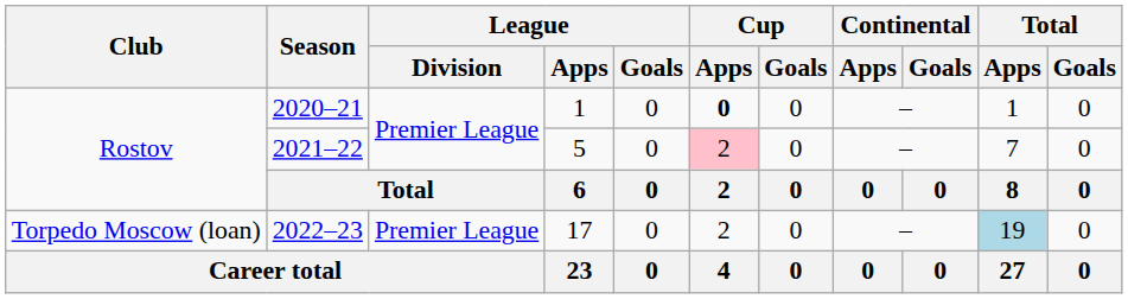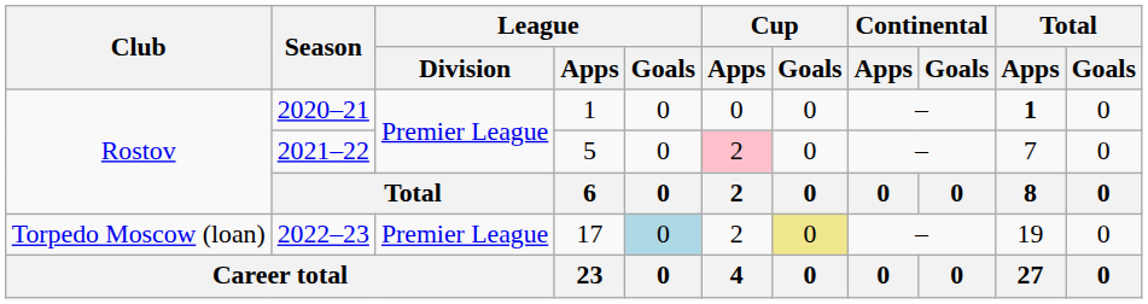 <table class="wikitable" style="text-align: center;">
 <tr>
 <th rowspan=2>Club</th>
 <th rowspan=2>Season</th>
 <th colspan=3>League</th>
 <th colspan=2>Cup</th>
 <th colspan=2>Continental</th>
 <th colspan=2>Total</th>
 </tr>
 <tr>
 <th>Division</th>
 <th>Apps</th>
 <th>Goals</th>
 <th>Apps</th>
 <th>Goals</th>
 <th>Apps</th>
 <th>Goals</th>
 <th>Apps</th>
 <th>Goals</th>
 </tr>
 <tr>
 <td rowspan="3"><a href='#'>Rostov</a></td>
 <td><a href='#'>2020–21</a></td>
 <td rowspan="2"><a href='#'>Premier League</a></td>
 <td>1</td>
 <td>0</td>
-<td><strong>0</strong></td>
+<td>0</td>
 <td>0</td>
 <td colspan=2>–</td>
-<td>1</td>
+<td><strong>1</strong></td>
 <td>0</td>
 </tr>
 <tr>
 <td><a href='#'>2021–22</a></td>
 <td>5</td>
 <td>0</td>
 <td style="background: pink;">2</td>
 <td>0</td>
 <td colspan=2>–</td>
 <td>7</td>
 <td>0</td>
 </tr>
 <tr>
 <th colspan=2>Total</th>
 <th>6</th>
 <th>0</th>
 <th>2</th>
 <th>0</th>
 <th>0</th>
 <th>0</th>
 <th>8</th>
 <th>0</th>
 </tr>
 <tr>
 <td><a href='#'>Torpedo Moscow</a> (loan)</td>
 <td><a href='#'>2022–23</a></td>
 <td><a href='#'>Premier League</a></td>
 <td>17</td>
-<td>0</td>
+<td style="background: lightblue;">0</td>
 <td>2</td>
-<td>0</td>
+<td style="background: khaki;">0</td>
 <td colspan=2>–</td>
-<td style="background: lightblue;">19</td>
+<td>19</td>
 <td>0</td>
 </tr>
 <tr>
 <th colspan=3>Career total</th>
 <th>23</th>
 <th>0</th>
 <th>4</th>
 <th>0</th>
 <th>0</th>
 <th>0</th>
 <th>27</th>
 <th>0</th>
 </tr>
 </table>
